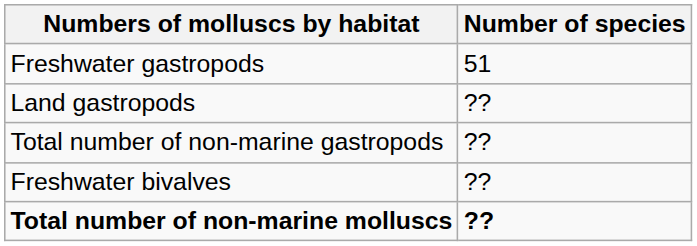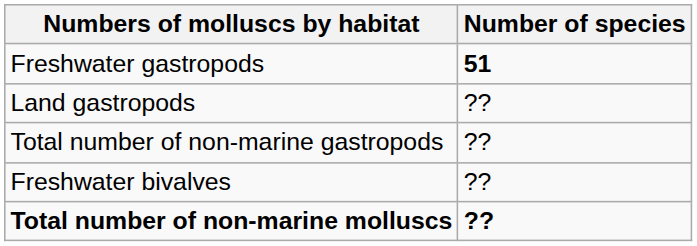 <table class="wikitable">
 <tr>
 <th>Numbers of molluscs by habitat</th>
 <th>Number of species</th>
 </tr>
 <tr>
 <td>Freshwater gastropods</td>
-<td>51</td>
+<td><strong>51</strong></td>
 </tr>
 <tr>
 <td>Land gastropods</td>
 <td>??</td>
 </tr>
 <tr>
 <td>Total number of non-marine gastropods</td>
 <td>??</td>
 </tr>
 <tr>
 <td>Freshwater bivalves</td>
 <td>??</td>
 </tr>
 <tr>
 <td><strong>Total number of non-marine molluscs</strong></td>
 <td><strong>??</strong></td>
 </tr>
 </table>
